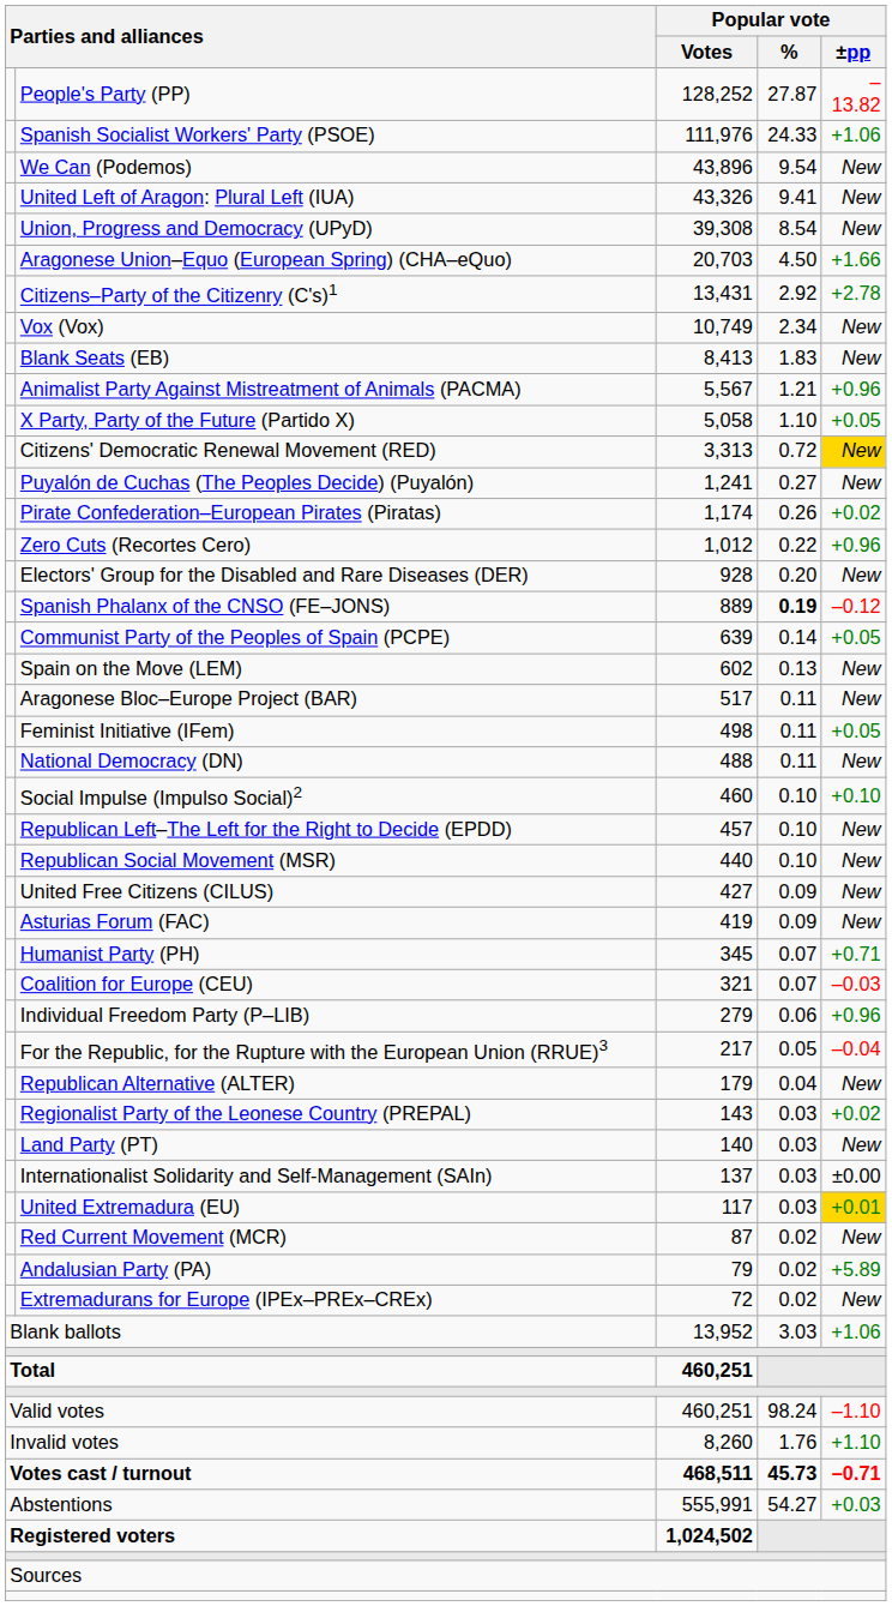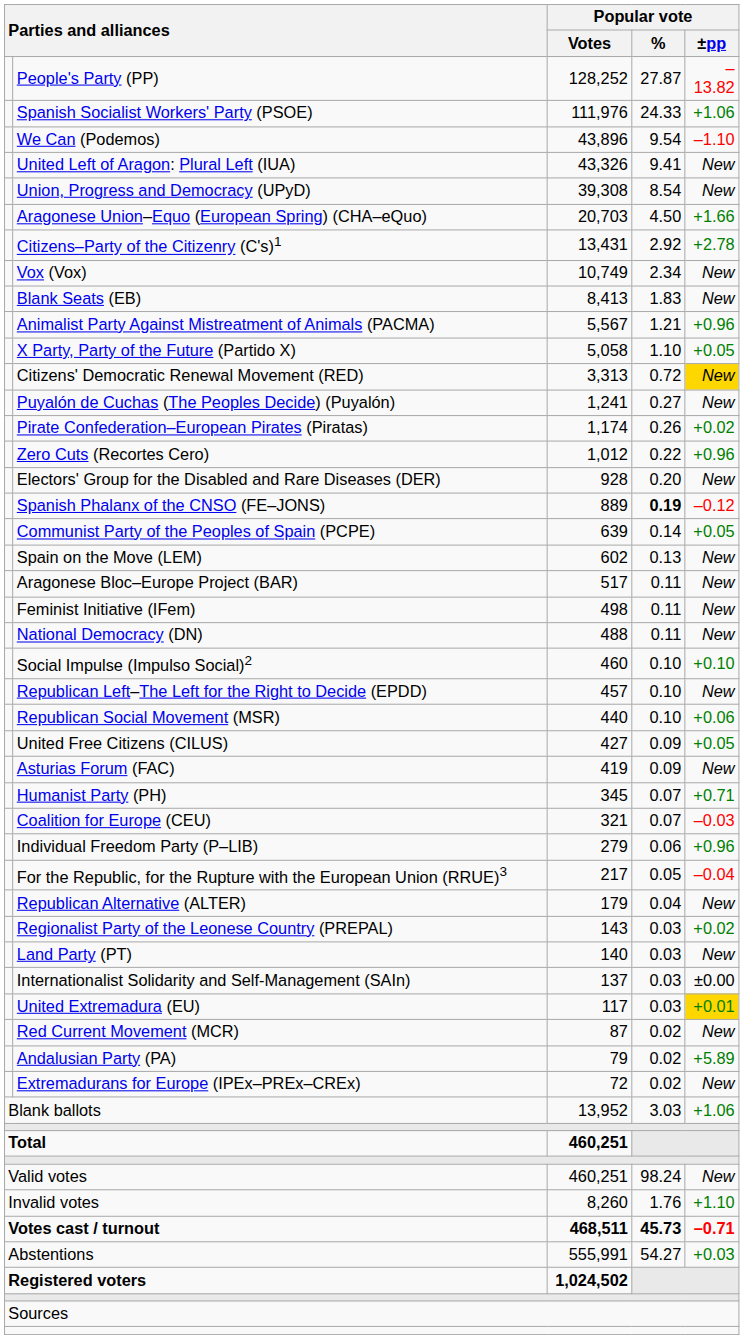 <table class="wikitable" style="text-align:right">
 <tr>
 <th style="text-align:left;" rowspan="2" colspan="2" width="525">Parties and alliances</th>
 <th colspan="3">Popular vote</th>
 </tr>
 <tr>
 <th width="75">Votes</th>
 <th width="45">%</th>
 <th width="45">±<a href='#'>pp</a></th>
 </tr>
 <tr>
 <td width="1" style="color:inherit;background:"></td>
 <td align="left"><a href='#'>People's Party</a> (PP)</td>
 <td>128,252</td>
 <td>27.87</td>
 <td style="color:red;">–13.82</td>
 </tr>
 <tr>
 <td style="color:inherit;background:"></td>
 <td align="left"><a href='#'>Spanish Socialist Workers' Party</a> (PSOE)</td>
 <td>111,976</td>
 <td>24.33</td>
 <td style="color:green;">+1.06</td>
 </tr>
 <tr>
 <td style="color:inherit;background:"></td>
 <td align="left"><a href='#'>We Can</a> (Podemos)</td>
 <td>43,896</td>
 <td>9.54</td>
-<td><em>New</em></td>
+<td style="color:red;">–1.10</td>
 </tr>
 <tr>
 <td style="color:inherit;background:"></td>
 <td align="left"><a href='#'>United Left of Aragon</a>: <a href='#'>Plural Left</a> (IUA)</td>
 <td>43,326</td>
 <td>9.41</td>
 <td><em>New</em></td>
 </tr>
 <tr>
 <td style="color:inherit;background:"></td>
 <td align="left"><a href='#'>Union, Progress and Democracy</a> (UPyD)</td>
 <td>39,308</td>
 <td>8.54</td>
 <td><em>New</em></td>
 </tr>
 <tr>
 <td style="color:inherit;background:"></td>
 <td align="left"><a href='#'>Aragonese Union</a>–<a href='#'>Equo</a> (<a href='#'>European Spring</a>) (CHA–eQuo)</td>
 <td>20,703</td>
 <td>4.50</td>
 <td style="color:green;">+1.66</td>
 </tr>
 <tr>
 <td style="color:inherit;background:"></td>
 <td align="left"><a href='#'>Citizens–Party of the Citizenry</a> (C's)<sup>1</sup></td>
 <td>13,431</td>
 <td>2.92</td>
 <td style="color:green;">+2.78</td>
 </tr>
 <tr>
 <td style="color:inherit;background:"></td>
 <td align="left"><a href='#'>Vox</a> (Vox)</td>
 <td>10,749</td>
 <td>2.34</td>
 <td><em>New</em></td>
 </tr>
 <tr>
 <td style="color:inherit;background:"></td>
 <td align="left"><a href='#'>Blank Seats</a> (EB)</td>
 <td>8,413</td>
 <td>1.83</td>
 <td><em>New</em></td>
 </tr>
 <tr>
 <td style="color:inherit;background:"></td>
 <td align="left"><a href='#'>Animalist Party Against Mistreatment of Animals</a> (PACMA)</td>
 <td>5,567</td>
 <td>1.21</td>
 <td style="color:green;">+0.96</td>
 </tr>
 <tr>
 <td style="color:inherit;background:"></td>
 <td align="left"><a href='#'>X Party, Party of the Future</a> (Partido X)</td>
 <td>5,058</td>
 <td>1.10</td>
 <td style="color:green;">+0.05</td>
 </tr>
 <tr>
 <td style="color:inherit;background:"></td>
 <td align="left">Citizens' Democratic Renewal Movement (RED)</td>
 <td>3,313</td>
 <td>0.72</td>
 <td style="background: gold;"><em>New</em></td>
 </tr>
 <tr>
 <td style="color:inherit;background:"></td>
 <td align="left"><a href='#'>Puyalón de Cuchas</a> (<a href='#'>The Peoples Decide</a>) (Puyalón)</td>
 <td>1,241</td>
 <td>0.27</td>
 <td><em>New</em></td>
 </tr>
 <tr>
 <td style="color:inherit;background:"></td>
 <td align="left"><a href='#'>Pirate Confederation–European Pirates</a> (Piratas)</td>
 <td>1,174</td>
 <td>0.26</td>
 <td style="color:green;">+0.02</td>
 </tr>
 <tr>
 <td style="color:inherit;background:"></td>
 <td align="left"><a href='#'>Zero Cuts</a> (Recortes Cero)</td>
 <td>1,012</td>
 <td>0.22</td>
 <td style="color:green;">+0.96</td>
 </tr>
 <tr>
 <td style="color:inherit;background:"></td>
 <td align="left">Electors' Group for the Disabled and Rare Diseases (DER)</td>
 <td>928</td>
 <td>0.20</td>
 <td><em>New</em></td>
 </tr>
 <tr>
 <td style="color:inherit;background:"></td>
 <td align="left"><a href='#'>Spanish Phalanx of the CNSO</a> (FE–JONS)</td>
 <td>889</td>
 <td><strong>0.19</strong></td>
 <td style="color:red;">–0.12</td>
 </tr>
 <tr>
 <td style="color:inherit;background:"></td>
 <td align="left"><a href='#'>Communist Party of the Peoples of Spain</a> (PCPE)</td>
 <td>639</td>
 <td>0.14</td>
 <td style="color:green;">+0.05</td>
 </tr>
 <tr>
 <td style="color:inherit;background:"></td>
 <td align="left">Spain on the Move (LEM)</td>
 <td>602</td>
 <td>0.13</td>
 <td><em>New</em></td>
 </tr>
 <tr>
 <td style="color:inherit;background:"></td>
 <td align="left">Aragonese Bloc–Europe Project (BAR)</td>
 <td>517</td>
 <td>0.11</td>
 <td><em>New</em></td>
 </tr>
 <tr>
 <td style="color:inherit;background:"></td>
 <td align="left">Feminist Initiative (IFem)</td>
 <td>498</td>
 <td>0.11</td>
-<td style="color:green;">+0.05</td>
+<td><em>New</em></td>
 </tr>
 <tr>
 <td style="color:inherit;background:"></td>
 <td align="left"><a href='#'>National Democracy</a> (DN)</td>
 <td>488</td>
 <td>0.11</td>
 <td><em>New</em></td>
 </tr>
 <tr>
 <td style="color:inherit;background:"></td>
 <td align="left">Social Impulse (Impulso Social)<sup>2</sup></td>
 <td>460</td>
 <td>0.10</td>
 <td style="color:green;">+0.10</td>
 </tr>
 <tr>
 <td style="color:inherit;background:"></td>
 <td align="left"><a href='#'>Republican Left</a>–<a href='#'>The Left for the Right to Decide</a> (EPDD)</td>
 <td>457</td>
 <td>0.10</td>
 <td><em>New</em></td>
 </tr>
 <tr>
 <td style="color:inherit;background:"></td>
 <td align="left"><a href='#'>Republican Social Movement</a> (MSR)</td>
 <td>440</td>
 <td>0.10</td>
-<td><em>New</em></td>
+<td style="color:green;">+0.06</td>
 </tr>
 <tr>
 <td style="color:inherit;background:"></td>
 <td align="left">United Free Citizens (CILUS)</td>
 <td>427</td>
 <td>0.09</td>
-<td><em>New</em></td>
+<td style="color:green;">+0.05</td>
 </tr>
 <tr>
 <td style="color:inherit;background:"></td>
 <td align="left"><a href='#'>Asturias Forum</a> (FAC)</td>
 <td>419</td>
 <td>0.09</td>
 <td><em>New</em></td>
 </tr>
 <tr>
 <td style="color:inherit;background:"></td>
 <td align="left"><a href='#'>Humanist Party</a> (PH)</td>
 <td>345</td>
 <td>0.07</td>
 <td style="color:green;">+0.71</td>
 </tr>
 <tr>
 <td style="color:inherit;background:"></td>
 <td align="left"><a href='#'>Coalition for Europe</a> (CEU)</td>
 <td>321</td>
 <td>0.07</td>
 <td style="color:red;">–0.03</td>
 </tr>
 <tr>
 <td style="color:inherit;background:"></td>
 <td align="left">Individual Freedom Party (P–LIB)</td>
 <td>279</td>
 <td>0.06</td>
 <td style="color:green;">+0.96</td>
 </tr>
 <tr>
 <td style="color:inherit;background:"></td>
 <td align="left">For the Republic, for the Rupture with the European Union (RRUE)<sup>3</sup></td>
 <td>217</td>
 <td>0.05</td>
 <td style="color:red;">–0.04</td>
 </tr>
 <tr>
 <td style="color:inherit;background:"></td>
 <td align="left"><a href='#'>Republican Alternative</a> (ALTER)</td>
 <td>179</td>
 <td>0.04</td>
 <td><em>New</em></td>
 </tr>
 <tr>
 <td style="color:inherit;background:"></td>
 <td align="left"><a href='#'>Regionalist Party of the Leonese Country</a> (PREPAL)</td>
 <td>143</td>
 <td>0.03</td>
 <td style="color:green;">+0.02</td>
 </tr>
 <tr>
 <td style="color:inherit;background:"></td>
 <td align="left"><a href='#'>Land Party</a> (PT)</td>
 <td>140</td>
 <td>0.03</td>
 <td><em>New</em></td>
 </tr>
 <tr>
 <td style="color:inherit;background:"></td>
 <td align="left">Internationalist Solidarity and Self-Management (SAIn)</td>
 <td>137</td>
 <td>0.03</td>
 <td>±0.00</td>
 </tr>
 <tr>
 <td style="color:inherit;background:"></td>
 <td align="left"><a href='#'>United Extremadura</a> (EU)</td>
 <td>117</td>
 <td>0.03</td>
 <td style="background: gold; color:green;">+0.01</td>
 </tr>
 <tr>
 <td style="color:inherit;background:"></td>
 <td align="left"><a href='#'>Red Current Movement</a> (MCR)</td>
 <td>87</td>
 <td>0.02</td>
 <td><em>New</em></td>
 </tr>
 <tr>
 <td style="color:inherit;background:"></td>
 <td align="left"><a href='#'>Andalusian Party</a> (PA)</td>
 <td>79</td>
 <td>0.02</td>
 <td style="color:green;">+5.89</td>
 </tr>
 <tr>
 <td style="color:inherit;background:"></td>
 <td align="left"><a href='#'>Extremadurans for Europe</a> (IPEx–PREx–CREx)</td>
 <td>72</td>
 <td>0.02</td>
 <td><em>New</em></td>
 </tr>
 <tr>
 <td align="left" colspan="2">Blank ballots</td>
 <td>13,952</td>
 <td>3.03</td>
 <td style="color:green;">+1.06</td>
 </tr>
 <tr>
 <td colspan="5" bgcolor="#E9E9E9"></td>
 </tr>
 <tr style="font-weight:bold;">
 <td align="left" colspan="2">Total</td>
 <td>460,251</td>
 <td bgcolor="#E9E9E9" colspan="2"></td>
 </tr>
 <tr>
 <td colspan="5" bgcolor="#E9E9E9"></td>
 </tr>
 <tr>
 <td align="left" colspan="2">Valid votes</td>
 <td>460,251</td>
 <td>98.24</td>
-<td style="color:red;">–1.10</td>
+<td><em>New</em></td>
 </tr>
 <tr>
 <td align="left" colspan="2">Invalid votes</td>
 <td>8,260</td>
 <td>1.76</td>
 <td style="color:green;">+1.10</td>
 </tr>
 <tr style="font-weight:bold;">
 <td align="left" colspan="2">Votes cast / turnout</td>
 <td>468,511</td>
 <td>45.73</td>
 <td style="color:red;">–0.71</td>
 </tr>
 <tr>
 <td align="left" colspan="2">Abstentions</td>
 <td>555,991</td>
 <td>54.27</td>
 <td style="color:green;">+0.03</td>
 </tr>
 <tr style="font-weight:bold;">
 <td align="left" colspan="2">Registered voters</td>
 <td>1,024,502</td>
 <td bgcolor="#E9E9E9" colspan="2"></td>
 </tr>
 <tr>
 <td colspan="5" bgcolor="#E9E9E9"></td>
 </tr>
 <tr>
 <td align="left" colspan="5">Sources</td>
 </tr>
 <tr>
 <td colspan="5" style="text-align:left; max-width:680px;"></td>
 </tr>
 </table>
